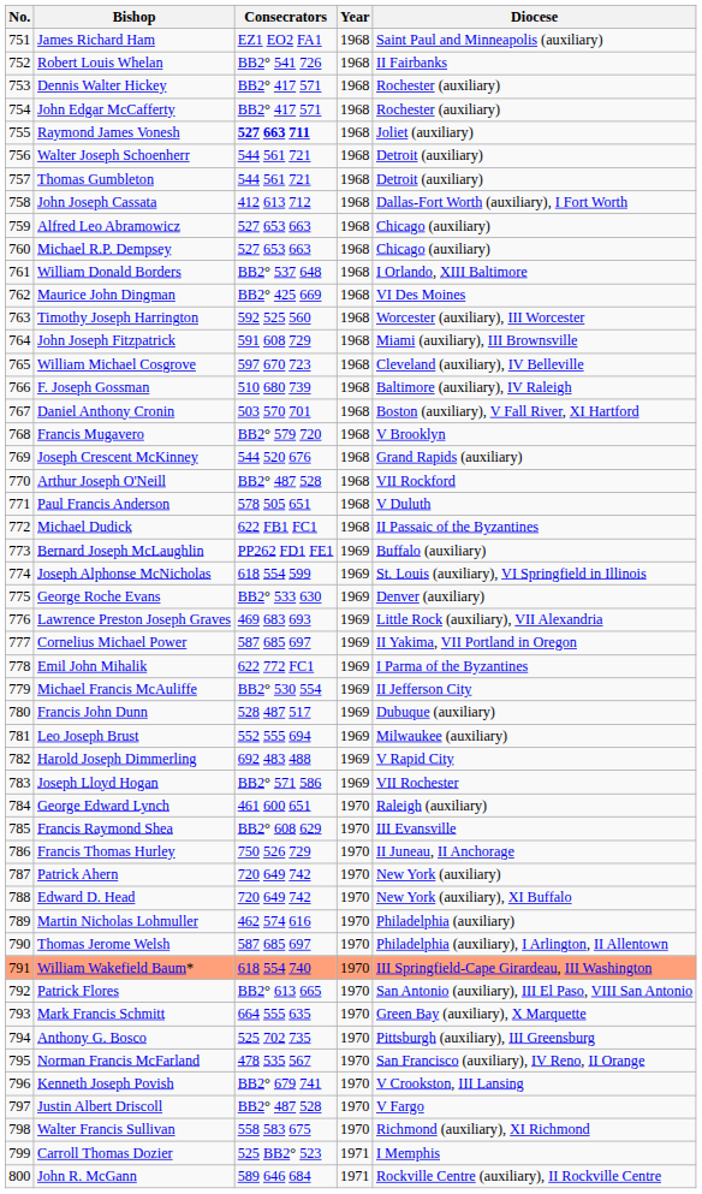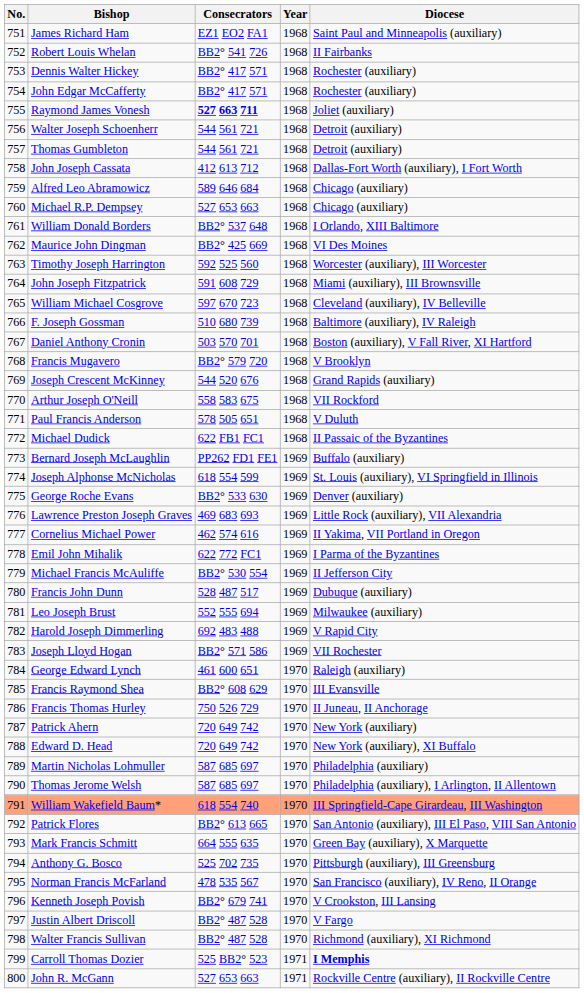 <table class="wikitable">
 <tr>
 <th>No.</th>
 <th>Bishop</th>
 <th>Consecrators</th>
 <th>Year</th>
 <th>Diocese</th>
 </tr>
 <tr>
 <td>751</td>
 <td><a href='#'>James Richard Ham</a></td>
 <td><a href='#'>EZ1</a> <a href='#'>EO2</a> <a href='#'>FA1</a></td>
 <td>1968</td>
 <td><a href='#'>Saint Paul and Minneapolis</a> (auxiliary)</td>
 </tr>
 <tr>
 <td>752</td>
 <td><a href='#'>Robert Louis Whelan</a></td>
 <td><a href='#'>BB2</a>° <a href='#'>541</a> <a href='#'>726</a></td>
 <td>1968</td>
 <td><a href='#'>II Fairbanks</a></td>
 </tr>
 <tr>
 <td>753</td>
 <td><a href='#'>Dennis Walter Hickey</a></td>
 <td><a href='#'>BB2</a>° <a href='#'>417</a> <a href='#'>571</a></td>
 <td>1968</td>
 <td><a href='#'>Rochester</a> (auxiliary)</td>
 </tr>
 <tr>
 <td>754</td>
 <td><a href='#'>John Edgar McCafferty</a></td>
 <td><a href='#'>BB2</a>° <a href='#'>417</a> <a href='#'>571</a></td>
 <td>1968</td>
 <td><a href='#'>Rochester</a> (auxiliary)</td>
 </tr>
 <tr>
 <td>755</td>
 <td><a href='#'>Raymond James Vonesh</a></td>
 <td><strong><a href='#'>527</a> <a href='#'>663</a> <a href='#'>711</a></strong></td>
 <td>1968</td>
 <td><a href='#'>Joliet</a> (auxiliary)</td>
 </tr>
 <tr>
 <td>756</td>
 <td><a href='#'>Walter Joseph Schoenherr</a></td>
 <td><a href='#'>544</a> <a href='#'>561</a> <a href='#'>721</a></td>
 <td>1968</td>
 <td><a href='#'>Detroit</a> (auxiliary)</td>
 </tr>
 <tr>
 <td>757</td>
 <td><a href='#'>Thomas Gumbleton</a></td>
 <td><a href='#'>544</a> <a href='#'>561</a> <a href='#'>721</a></td>
 <td>1968</td>
 <td><a href='#'>Detroit</a> (auxiliary)</td>
 </tr>
 <tr>
 <td>758</td>
 <td><a href='#'>John Joseph Cassata</a></td>
 <td><a href='#'>412</a> <a href='#'>613</a> <a href='#'>712</a></td>
 <td>1968</td>
 <td><a href='#'>Dallas-Fort Worth</a> (auxiliary), <a href='#'>I Fort Worth</a></td>
 </tr>
 <tr>
 <td>759</td>
 <td><a href='#'>Alfred Leo Abramowicz</a></td>
-<td><a href='#'>527</a> <a href='#'>653</a> <a href='#'>663</a></td>
+<td><a href='#'>589</a> <a href='#'>646</a> <a href='#'>684</a></td>
 <td>1968</td>
 <td><a href='#'>Chicago</a> (auxiliary)</td>
 </tr>
 <tr>
 <td>760</td>
 <td><a href='#'>Michael R.P. Dempsey</a></td>
 <td><a href='#'>527</a> <a href='#'>653</a> <a href='#'>663</a></td>
 <td>1968</td>
 <td><a href='#'>Chicago</a> (auxiliary)</td>
 </tr>
 <tr>
 <td>761</td>
 <td><a href='#'>William Donald Borders</a></td>
 <td><a href='#'>BB2</a>° <a href='#'>537</a> <a href='#'>648</a></td>
 <td>1968</td>
 <td><a href='#'>I Orlando</a>, <a href='#'>XIII Baltimore</a></td>
 </tr>
 <tr>
 <td>762</td>
 <td><a href='#'>Maurice John Dingman</a></td>
 <td><a href='#'>BB2</a>° <a href='#'>425</a> <a href='#'>669</a></td>
 <td>1968</td>
 <td><a href='#'>VI Des Moines</a></td>
 </tr>
 <tr>
 <td>763</td>
 <td><a href='#'>Timothy Joseph Harrington</a></td>
 <td><a href='#'>592</a> <a href='#'>525</a> <a href='#'>560</a></td>
 <td>1968</td>
 <td><a href='#'>Worcester</a> (auxiliary), <a href='#'>III Worcester</a></td>
 </tr>
 <tr>
 <td>764</td>
 <td><a href='#'>John Joseph Fitzpatrick</a></td>
 <td><a href='#'>591</a> <a href='#'>608</a> <a href='#'>729</a></td>
 <td>1968</td>
 <td><a href='#'>Miami</a> (auxiliary), <a href='#'>III Brownsville</a></td>
 </tr>
 <tr>
 <td>765</td>
 <td><a href='#'>William Michael Cosgrove</a></td>
 <td><a href='#'>597</a> <a href='#'>670</a> <a href='#'>723</a></td>
 <td>1968</td>
 <td><a href='#'>Cleveland</a> (auxiliary), <a href='#'>IV Belleville</a></td>
 </tr>
 <tr>
 <td>766</td>
 <td><a href='#'>F. Joseph Gossman</a></td>
 <td><a href='#'>510</a> <a href='#'>680</a> <a href='#'>739</a></td>
 <td>1968</td>
 <td><a href='#'>Baltimore</a> (auxiliary), <a href='#'>IV Raleigh</a></td>
 </tr>
 <tr>
 <td>767</td>
 <td><a href='#'>Daniel Anthony Cronin</a></td>
 <td><a href='#'>503</a> <a href='#'>570</a> <a href='#'>701</a></td>
 <td>1968</td>
 <td><a href='#'>Boston</a> (auxiliary), <a href='#'>V Fall River</a>, <a href='#'>XI Hartford</a></td>
 </tr>
 <tr>
 <td>768</td>
 <td><a href='#'>Francis Mugavero</a></td>
 <td><a href='#'>BB2</a>° <a href='#'>579</a> <a href='#'>720</a></td>
 <td>1968</td>
 <td><a href='#'>V Brooklyn</a></td>
 </tr>
 <tr>
 <td>769</td>
 <td><a href='#'>Joseph Crescent McKinney</a></td>
 <td><a href='#'>544</a> <a href='#'>520</a> <a href='#'>676</a></td>
 <td>1968</td>
 <td><a href='#'>Grand Rapids</a> (auxiliary)</td>
 </tr>
 <tr>
 <td>770</td>
 <td><a href='#'>Arthur Joseph O'Neill</a></td>
-<td><a href='#'>BB2</a>° <a href='#'>487</a> <a href='#'>528</a></td>
+<td><a href='#'>558</a> <a href='#'>583</a> <a href='#'>675</a></td>
 <td>1968</td>
 <td><a href='#'>VII Rockford</a></td>
 </tr>
 <tr>
 <td>771</td>
 <td><a href='#'>Paul Francis Anderson</a></td>
 <td><a href='#'>578</a> <a href='#'>505</a> <a href='#'>651</a></td>
 <td>1968</td>
 <td><a href='#'>V Duluth</a></td>
 </tr>
 <tr>
 <td>772</td>
 <td><a href='#'>Michael Dudick</a></td>
 <td><a href='#'>622</a> <a href='#'>FB1</a> <a href='#'>FC1</a></td>
 <td>1968</td>
 <td><a href='#'>II Passaic of the Byzantines</a></td>
 </tr>
 <tr>
 <td>773</td>
 <td><a href='#'>Bernard Joseph McLaughlin</a></td>
 <td><a href='#'>PP262</a> <a href='#'>FD1</a> <a href='#'>FE1</a></td>
 <td>1969</td>
 <td><a href='#'>Buffalo</a> (auxiliary)</td>
 </tr>
 <tr>
 <td>774</td>
 <td><a href='#'>Joseph Alphonse McNicholas</a></td>
 <td><a href='#'>618</a> <a href='#'>554</a> <a href='#'>599</a></td>
 <td>1969</td>
 <td><a href='#'>St. Louis</a> (auxiliary), <a href='#'>VI Springfield in Illinois</a></td>
 </tr>
 <tr>
 <td>775</td>
 <td><a href='#'>George Roche Evans</a></td>
 <td><a href='#'>BB2</a>° <a href='#'>533</a> <a href='#'>630</a></td>
 <td>1969</td>
 <td><a href='#'>Denver</a> (auxiliary)</td>
 </tr>
 <tr>
 <td>776</td>
 <td><a href='#'>Lawrence Preston Joseph Graves</a></td>
 <td><a href='#'>469</a> <a href='#'>683</a> <a href='#'>693</a></td>
 <td>1969</td>
 <td><a href='#'>Little Rock</a> (auxiliary), <a href='#'>VII Alexandria</a></td>
 </tr>
 <tr>
 <td>777</td>
 <td><a href='#'>Cornelius Michael Power</a></td>
-<td><a href='#'>587</a> <a href='#'>685</a> <a href='#'>697</a></td>
+<td><a href='#'>462</a> <a href='#'>574</a> <a href='#'>616</a></td>
 <td>1969</td>
 <td><a href='#'>II Yakima</a>, <a href='#'>VII Portland in Oregon</a></td>
 </tr>
 <tr>
 <td>778</td>
 <td><a href='#'>Emil John Mihalik</a></td>
 <td><a href='#'>622</a> <a href='#'>772</a> <a href='#'>FC1</a></td>
 <td>1969</td>
 <td><a href='#'>I Parma of the Byzantines</a></td>
 </tr>
 <tr>
 <td>779</td>
 <td><a href='#'>Michael Francis McAuliffe</a></td>
 <td><a href='#'>BB2</a>° <a href='#'>530</a> <a href='#'>554</a></td>
 <td>1969</td>
 <td><a href='#'>II Jefferson City</a></td>
 </tr>
 <tr>
 <td>780</td>
 <td><a href='#'>Francis John Dunn</a></td>
 <td><a href='#'>528</a> <a href='#'>487</a> <a href='#'>517</a></td>
 <td>1969</td>
 <td><a href='#'>Dubuque</a> (auxiliary)</td>
 </tr>
 <tr>
 <td>781</td>
 <td><a href='#'>Leo Joseph Brust</a></td>
 <td><a href='#'>552</a> <a href='#'>555</a> <a href='#'>694</a></td>
 <td>1969</td>
 <td><a href='#'>Milwaukee</a> (auxiliary)</td>
 </tr>
 <tr>
 <td>782</td>
 <td><a href='#'>Harold Joseph Dimmerling</a></td>
 <td><a href='#'>692</a> <a href='#'>483</a> <a href='#'>488</a></td>
 <td>1969</td>
 <td><a href='#'>V Rapid City</a></td>
 </tr>
 <tr>
 <td>783</td>
 <td><a href='#'>Joseph Lloyd Hogan</a></td>
 <td><a href='#'>BB2</a>° <a href='#'>571</a> <a href='#'>586</a></td>
 <td>1969</td>
 <td><a href='#'>VII Rochester</a></td>
 </tr>
 <tr>
 <td>784</td>
 <td><a href='#'>George Edward Lynch</a></td>
 <td><a href='#'>461</a> <a href='#'>600</a> <a href='#'>651</a></td>
 <td>1970</td>
 <td><a href='#'>Raleigh</a> (auxiliary)</td>
 </tr>
 <tr>
 <td>785</td>
 <td><a href='#'>Francis Raymond Shea</a></td>
 <td><a href='#'>BB2</a>° <a href='#'>608</a> <a href='#'>629</a></td>
 <td>1970</td>
 <td><a href='#'>III Evansville</a></td>
 </tr>
 <tr>
 <td>786</td>
 <td><a href='#'>Francis Thomas Hurley</a></td>
 <td><a href='#'>750</a> <a href='#'>526</a> <a href='#'>729</a></td>
 <td>1970</td>
 <td><a href='#'>II Juneau</a>, <a href='#'>II Anchorage</a></td>
 </tr>
 <tr>
 <td>787</td>
 <td><a href='#'>Patrick Ahern</a></td>
 <td><a href='#'>720</a> <a href='#'>649</a> <a href='#'>742</a></td>
 <td>1970</td>
 <td><a href='#'>New York</a> (auxiliary)</td>
 </tr>
 <tr>
 <td>788</td>
 <td><a href='#'>Edward D. Head</a></td>
 <td><a href='#'>720</a> <a href='#'>649</a> <a href='#'>742</a></td>
 <td>1970</td>
 <td><a href='#'>New York</a> (auxiliary), <a href='#'>XI Buffalo</a></td>
 </tr>
 <tr>
 <td>789</td>
 <td><a href='#'>Martin Nicholas Lohmuller</a></td>
-<td><a href='#'>462</a> <a href='#'>574</a> <a href='#'>616</a></td>
+<td><a href='#'>587</a> <a href='#'>685</a> <a href='#'>697</a></td>
 <td>1970</td>
 <td><a href='#'>Philadelphia</a> (auxiliary)</td>
 </tr>
 <tr>
 <td>790</td>
 <td><a href='#'>Thomas Jerome Welsh</a></td>
 <td><a href='#'>587</a> <a href='#'>685</a> <a href='#'>697</a></td>
 <td>1970</td>
 <td><a href='#'>Philadelphia</a> (auxiliary), <a href='#'>I Arlington</a>, <a href='#'>II Allentown</a></td>
 </tr>
 <tr bgcolor="#FFA07A">
 <td>791</td>
 <td><a href='#'>William Wakefield Baum</a>*</td>
 <td><a href='#'>618</a> <a href='#'>554</a> <a href='#'>740</a></td>
 <td>1970</td>
 <td><a href='#'>III Springfield-Cape Girardeau</a>, <a href='#'>III Washington</a></td>
 </tr>
 <tr>
 <td>792</td>
 <td><a href='#'>Patrick Flores</a></td>
 <td><a href='#'>BB2</a>° <a href='#'>613</a> <a href='#'>665</a></td>
 <td>1970</td>
 <td><a href='#'>San Antonio</a> (auxiliary), <a href='#'>III El Paso</a>, <a href='#'>VIII San Antonio</a></td>
 </tr>
 <tr>
 <td>793</td>
 <td><a href='#'>Mark Francis Schmitt</a></td>
 <td><a href='#'>664</a> <a href='#'>555</a> <a href='#'>635</a></td>
 <td>1970</td>
 <td><a href='#'>Green Bay</a> (auxiliary), <a href='#'>X Marquette</a></td>
 </tr>
 <tr>
 <td>794</td>
 <td><a href='#'>Anthony G. Bosco</a></td>
 <td><a href='#'>525</a> <a href='#'>702</a> <a href='#'>735</a></td>
 <td>1970</td>
 <td><a href='#'>Pittsburgh</a> (auxiliary), <a href='#'>III Greensburg</a></td>
 </tr>
 <tr>
 <td>795</td>
 <td><a href='#'>Norman Francis McFarland</a></td>
 <td><a href='#'>478</a> <a href='#'>535</a> <a href='#'>567</a></td>
 <td>1970</td>
 <td><a href='#'>San Francisco</a> (auxiliary), <a href='#'>IV Reno</a>, <a href='#'>II Orange</a></td>
 </tr>
 <tr>
 <td>796</td>
 <td><a href='#'>Kenneth Joseph Povish</a></td>
 <td><a href='#'>BB2</a>° <a href='#'>679</a> <a href='#'>741</a></td>
 <td>1970</td>
 <td><a href='#'>V Crookston</a>, <a href='#'>III Lansing</a></td>
 </tr>
 <tr>
 <td>797</td>
 <td><a href='#'>Justin Albert Driscoll</a></td>
 <td><a href='#'>BB2</a>° <a href='#'>487</a> <a href='#'>528</a></td>
 <td>1970</td>
 <td><a href='#'>V Fargo</a></td>
 </tr>
 <tr>
 <td>798</td>
 <td><a href='#'>Walter Francis Sullivan</a></td>
-<td><a href='#'>558</a> <a href='#'>583</a> <a href='#'>675</a></td>
+<td><a href='#'>BB2</a>° <a href='#'>487</a> <a href='#'>528</a></td>
 <td>1970</td>
 <td><a href='#'>Richmond</a> (auxiliary), <a href='#'>XI Richmond</a></td>
 </tr>
 <tr>
 <td>799</td>
 <td><a href='#'>Carroll Thomas Dozier</a></td>
 <td><a href='#'>525</a> <a href='#'>BB2</a>° <a href='#'>523</a></td>
 <td>1971</td>
-<td><a href='#'>I Memphis</a></td>
+<td><strong><a href='#'>I Memphis</a></strong></td>
 </tr>
 <tr>
 <td>800</td>
 <td><a href='#'>John R. McGann</a></td>
-<td><a href='#'>589</a> <a href='#'>646</a> <a href='#'>684</a></td>
+<td><a href='#'>527</a> <a href='#'>653</a> <a href='#'>663</a></td>
 <td>1971</td>
 <td><a href='#'>Rockville Centre</a> (auxiliary), <a href='#'>II Rockville Centre</a></td>
 </tr>
 </table>
